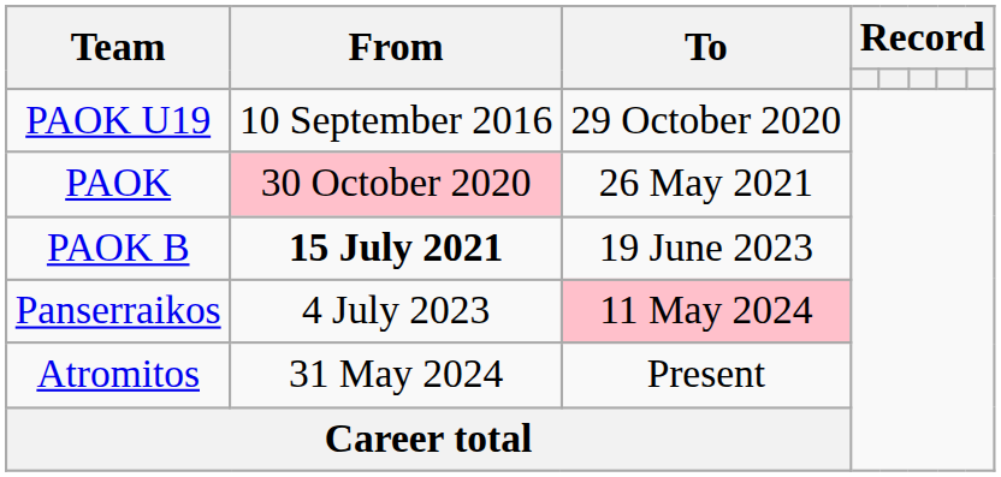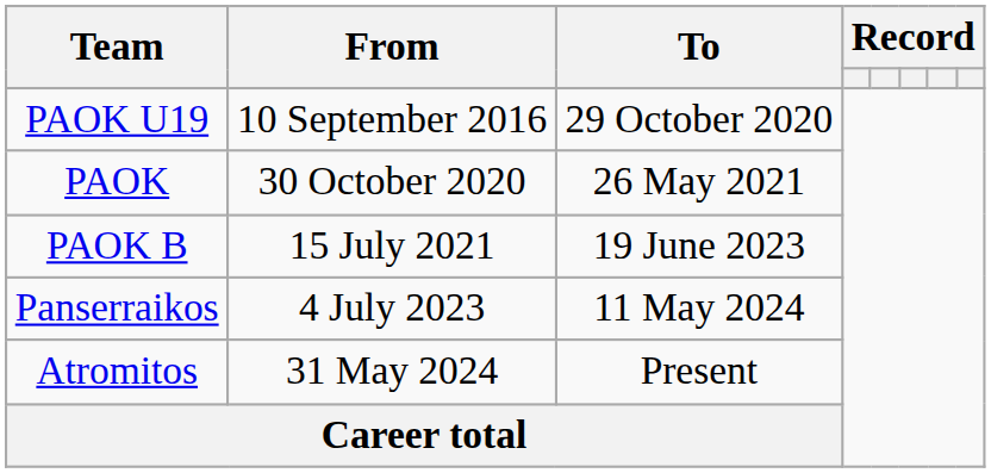 <table class="wikitable" style="text-align: center">
 <tr>
 <th rowspan=2>Team</th>
 <th rowspan=2>From</th>
 <th rowspan=2>To</th>
 <th colspan=8>Record</th>
 </tr>
 <tr>
 <th></th>
 <th></th>
 <th></th>
 <th></th>
 <th></th>
 </tr>
 <tr>
 <td><a href='#'>PAOK U19</a></td>
 <td>10 September 2016</td>
 <td>29 October 2020<br></td>
 </tr>
 <tr>
 <td><a href='#'>PAOK</a></td>
-<td style="background: pink;">30 October 2020</td>
+<td>30 October 2020</td>
 <td>26 May 2021<br></td>
 </tr>
 <tr>
 <td><a href='#'>PAOK B</a></td>
-<td><strong>15 July 2021</strong></td>
+<td>15 July 2021</td>
 <td>19 June 2023<br></td>
 </tr>
 <tr>
 <td><a href='#'>Panserraikos</a></td>
 <td>4 July 2023</td>
-<td style="background: pink;">11 May 2024<br></td>
+<td>11 May 2024<br></td>
 </tr>
 <tr>
 <td><a href='#'>Atromitos</a></td>
 <td>31 May 2024</td>
 <td>Present<br></td>
 </tr>
 <tr>
 <th colspan=3>Career total<br></th>
 </tr>
 </table>
